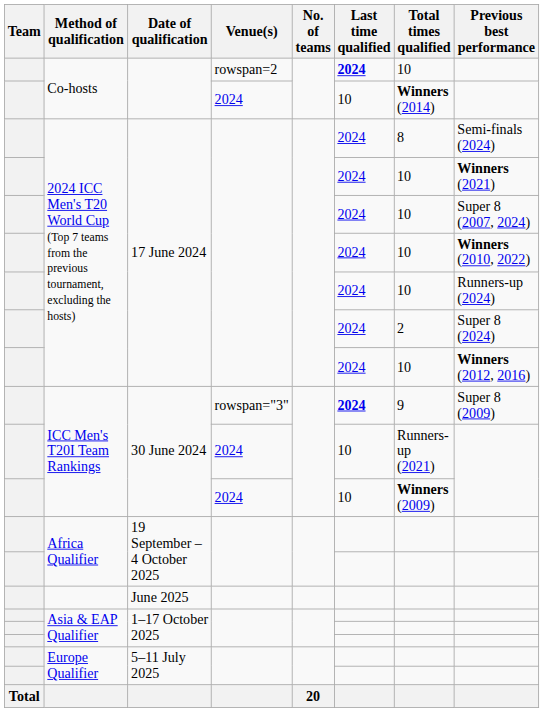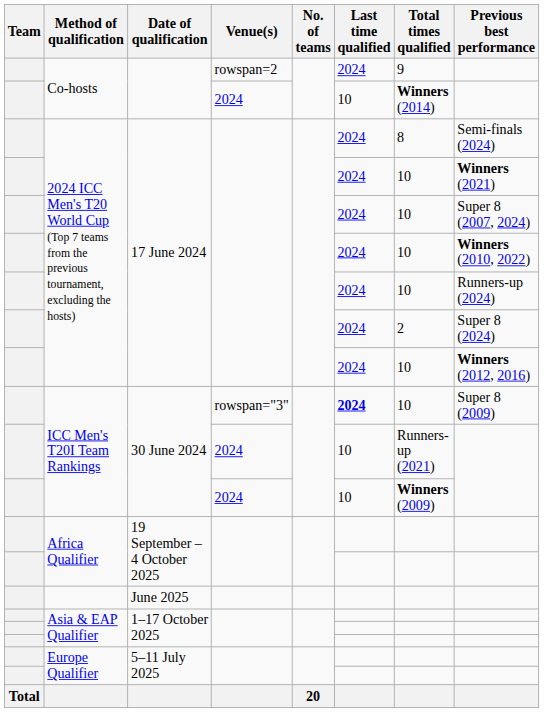 <table class="wikitable sortable">
 <tr>
 <th scope="col">Team</th>
 <th scope="col">Method of<br>qualification</th>
 <th scope="col">Date of<br>qualification</th>
 <th scope="col">Venue(s)</th>
 <th scope="col">No. of teams</th>
 <th scope="col">Last<br>time<br>qualified</th>
 <th scope="col">Total<br>times<br>qualified</th>
 <th scope="col">Previous best<br>performance</th>
 </tr>
 <tr>
 <th scope="row"></th>
 <td rowspan="2">Co-hosts</td>
 <td rowspan="2"></td>
 <td>rowspan=2 </td>
 <td rowspan="2"></td>
-<td><strong><a href='#'>2024</a></strong></td>
-<td>10</td>
+<td><a href='#'>2024</a></td>
+<td>9</td>
 <td></td>
 </tr>
 <tr>
 <th scope="row"></th>
 <td><a href='#'>2024</a></td>
 <td>10</td>
 <td><strong>Winners</strong> (<a href='#'>2014</a>)</td>
 </tr>
 <tr>
 <th scope="row"></th>
 <td rowspan="7"><a href='#'>2024 ICC Men's T20 World Cup</a><br><small>(Top 7 teams from the previous tournament,<br>excluding the hosts)</small></td>
 <td rowspan="7">17 June 2024</td>
 <td rowspan="7"><br></td>
 <td rowspan="7"></td>
 <td><a href='#'>2024</a></td>
 <td>8</td>
 <td>Semi-finals (<a href='#'>2024</a>)</td>
 </tr>
 <tr>
 <th scope="row"></th>
 <td><a href='#'>2024</a></td>
 <td>10</td>
 <td><strong>Winners</strong> (<a href='#'>2021</a>)</td>
 </tr>
 <tr>
 <th scope="row"></th>
 <td><a href='#'>2024</a></td>
 <td>10</td>
 <td>Super 8 (<a href='#'>2007</a>, <a href='#'>2024</a>)</td>
 </tr>
 <tr>
 <th scope="row"></th>
 <td><a href='#'>2024</a></td>
 <td>10</td>
 <td><strong>Winners</strong> (<a href='#'>2010</a>, <a href='#'>2022</a>)</td>
 </tr>
 <tr>
 <th scope="row"></th>
 <td><a href='#'>2024</a></td>
 <td>10</td>
 <td>Runners-up (<a href='#'>2024</a>)</td>
 </tr>
 <tr>
 <th scope="row"></th>
 <td><a href='#'>2024</a></td>
 <td>2</td>
 <td>Super 8 (<a href='#'>2024</a>)</td>
 </tr>
 <tr>
 <th scope="row"></th>
 <td><a href='#'>2024</a></td>
 <td>10</td>
 <td><strong>Winners</strong> (<a href='#'>2012</a>, <a href='#'>2016</a>)</td>
 </tr>
 <tr>
 <th scope="row"></th>
 <td rowspan="3"><a href='#'>ICC Men's T20I Team Rankings</a></td>
 <td rowspan="3">30 June 2024</td>
 <td>rowspan="3" </td>
 <td rowspan="3"></td>
 <td><strong><a href='#'>2024</a></strong></td>
-<td>9</td>
+<td>10</td>
 <td>Super 8 (<a href='#'>2009</a>)</td>
 </tr>
 <tr>
 <th scope="row"></th>
 <td><a href='#'>2024</a></td>
 <td>10</td>
 <td>Runners-up (<a href='#'>2021</a>)</td>
 </tr>
 <tr>
 <th scope="row"></th>
 <td><a href='#'>2024</a></td>
 <td>10</td>
 <td><strong>Winners</strong> (<a href='#'>2009</a>)</td>
 </tr>
 <tr>
 <th scope="row"></th>
 <td rowspan="2"><a href='#'>Africa Qualifier</a></td>
 <td rowspan="2">19 September – 4 October 2025</td>
 <td rowspan="2"></td>
 <td rowspan="2"></td>
 <td></td>
 <td></td>
 <td></td>
 </tr>
 <tr>
 <th scope="row"></th>
 <td></td>
 <td></td>
 <td></td>
 </tr>
 <tr>
 <th scope="row"></th>
 <td></td>
 <td>June 2025</td>
 <td></td>
 <td></td>
 <td></td>
 <td></td>
 <td></td>
 </tr>
 <tr>
 <th scope="row"></th>
 <td rowspan="3"><a href='#'>Asia & EAP Qualifier</a></td>
 <td rowspan="3">1–17 October 2025</td>
 <td rowspan="3"></td>
 <td rowspan="3"></td>
 <td></td>
 <td></td>
 <td></td>
 </tr>
 <tr>
 <th scope="row"></th>
 <td></td>
 <td></td>
 <td></td>
 </tr>
 <tr>
 <th scope="row"></th>
 <td></td>
 <td></td>
 <td></td>
 </tr>
 <tr>
 <th scope="row"></th>
 <td rowspan="2"><a href='#'>Europe Qualifier</a></td>
 <td rowspan="2">5–11 July 2025</td>
 <td rowspan="2"></td>
 <td rowspan="2"></td>
 <td></td>
 <td></td>
 <td></td>
 </tr>
 <tr>
 <th scope="row"></th>
 <td></td>
 <td></td>
 <td></td>
 </tr>
 <tr class="sortbottom">
 <th>Total</th>
 <th></th>
 <th></th>
 <th></th>
 <th>20</th>
 <th></th>
 <th></th>
 <th></th>
 </tr>
 </table>
